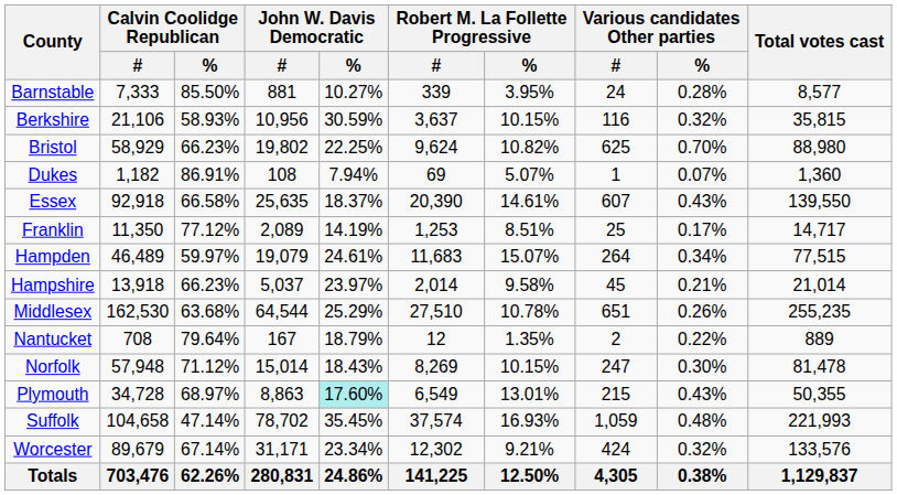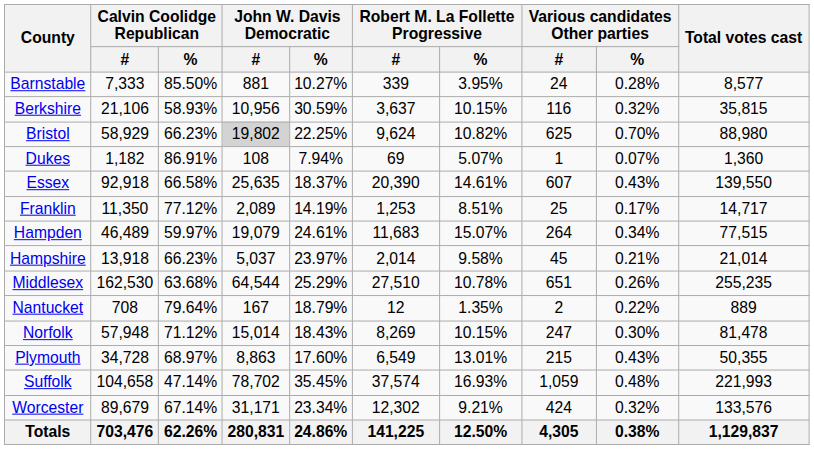 <table width="65%" class="wikitable sortable">
 <tr>
 <th rowspan="2">County</th>
 <th colspan="2">Calvin Coolidge<br>Republican</th>
 <th colspan="2">John W. Davis<br>Democratic</th>
 <th colspan="2">Robert M. La Follette<br>Progressive</th>
 <th colspan="2">Various candidates<br>Other parties</th>
 <th rowspan="2">Total votes cast</th>
 </tr>
 <tr bgcolor="lightgrey">
 <th data-sort-type="number">#</th>
 <th data-sort-type="number">%</th>
 <th data-sort-type="number">#</th>
 <th data-sort-type="number">%</th>
 <th data-sort-type="number">#</th>
 <th data-sort-type="number">%</th>
 <th data-sort-type="number">#</th>
 <th data-sort-type="number">%</th>
 </tr>
 <tr style="text-align:center;">
 <td><a href='#'>Barnstable</a></td>
 <td>7,333</td>
 <td>85.50%</td>
 <td>881</td>
 <td>10.27%</td>
 <td>339</td>
 <td>3.95%</td>
 <td>24</td>
 <td>0.28%</td>
 <td>8,577</td>
 </tr>
 <tr style="text-align:center;">
 <td><a href='#'>Berkshire</a></td>
 <td>21,106</td>
 <td>58.93%</td>
 <td>10,956</td>
 <td>30.59%</td>
 <td>3,637</td>
 <td>10.15%</td>
 <td>116</td>
 <td>0.32%</td>
 <td>35,815</td>
 </tr>
 <tr style="text-align:center;">
 <td><a href='#'>Bristol</a></td>
 <td>58,929</td>
 <td>66.23%</td>
-<td>19,802</td>
+<td style="background: lightgrey;">19,802</td>
 <td>22.25%</td>
 <td>9,624</td>
 <td>10.82%</td>
 <td>625</td>
 <td>0.70%</td>
 <td>88,980</td>
 </tr>
 <tr style="text-align:center;">
 <td><a href='#'>Dukes</a></td>
 <td>1,182</td>
 <td>86.91%</td>
 <td>108</td>
 <td>7.94%</td>
 <td>69</td>
 <td>5.07%</td>
 <td>1</td>
 <td>0.07%</td>
 <td>1,360</td>
 </tr>
 <tr style="text-align:center;">
 <td><a href='#'>Essex</a></td>
 <td>92,918</td>
 <td>66.58%</td>
 <td>25,635</td>
 <td>18.37%</td>
 <td>20,390</td>
 <td>14.61%</td>
 <td>607</td>
 <td>0.43%</td>
 <td>139,550</td>
 </tr>
 <tr style="text-align:center;">
 <td><a href='#'>Franklin</a></td>
 <td>11,350</td>
 <td>77.12%</td>
 <td>2,089</td>
 <td>14.19%</td>
 <td>1,253</td>
 <td>8.51%</td>
 <td>25</td>
 <td>0.17%</td>
 <td>14,717</td>
 </tr>
 <tr style="text-align:center;">
 <td><a href='#'>Hampden</a></td>
 <td>46,489</td>
 <td>59.97%</td>
 <td>19,079</td>
 <td>24.61%</td>
 <td>11,683</td>
 <td>15.07%</td>
 <td>264</td>
 <td>0.34%</td>
 <td>77,515</td>
 </tr>
 <tr style="text-align:center;">
 <td><a href='#'>Hampshire</a></td>
 <td>13,918</td>
 <td>66.23%</td>
 <td>5,037</td>
 <td>23.97%</td>
 <td>2,014</td>
 <td>9.58%</td>
 <td>45</td>
 <td>0.21%</td>
 <td>21,014</td>
 </tr>
 <tr style="text-align:center;">
 <td><a href='#'>Middlesex</a></td>
 <td>162,530</td>
 <td>63.68%</td>
 <td>64,544</td>
 <td>25.29%</td>
 <td>27,510</td>
 <td>10.78%</td>
 <td>651</td>
 <td>0.26%</td>
 <td>255,235</td>
 </tr>
 <tr style="text-align:center;">
 <td><a href='#'>Nantucket</a></td>
 <td>708</td>
 <td>79.64%</td>
 <td>167</td>
 <td>18.79%</td>
 <td>12</td>
 <td>1.35%</td>
 <td>2</td>
 <td>0.22%</td>
 <td>889</td>
 </tr>
 <tr style="text-align:center;">
 <td><a href='#'>Norfolk</a></td>
 <td>57,948</td>
 <td>71.12%</td>
 <td>15,014</td>
 <td>18.43%</td>
 <td>8,269</td>
 <td>10.15%</td>
 <td>247</td>
 <td>0.30%</td>
 <td>81,478</td>
 </tr>
 <tr style="text-align:center;">
 <td><a href='#'>Plymouth</a></td>
 <td>34,728</td>
 <td>68.97%</td>
 <td>8,863</td>
-<td style="background: paleturquoise;">17.60%</td>
+<td>17.60%</td>
 <td>6,549</td>
 <td>13.01%</td>
 <td>215</td>
 <td>0.43%</td>
 <td>50,355</td>
 </tr>
 <tr style="text-align:center;">
 <td><a href='#'>Suffolk</a></td>
 <td>104,658</td>
 <td>47.14%</td>
 <td>78,702</td>
 <td>35.45%</td>
 <td>37,574</td>
 <td>16.93%</td>
 <td>1,059</td>
 <td>0.48%</td>
 <td>221,993</td>
 </tr>
 <tr style="text-align:center;">
 <td><a href='#'>Worcester</a></td>
 <td>89,679</td>
 <td>67.14%</td>
 <td>31,171</td>
 <td>23.34%</td>
 <td>12,302</td>
 <td>9.21%</td>
 <td>424</td>
 <td>0.32%</td>
 <td>133,576</td>
 </tr>
 <tr>
 <th>Totals</th>
 <th>703,476</th>
 <th>62.26%</th>
 <th>280,831</th>
 <th>24.86%</th>
 <th>141,225</th>
 <th>12.50%</th>
 <th>4,305</th>
 <th>0.38%</th>
 <th>1,129,837</th>
 </tr>
 </table>
